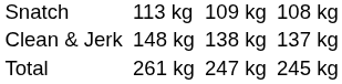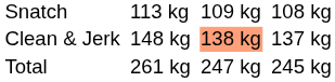 <table>
 <tr>
 <td>Snatch</td>
 <td></td>
 <td>113 kg</td>
 <td></td>
 <td>109 kg</td>
 <td></td>
 <td>108 kg</td>
 </tr>
 <tr>
 <td>Clean & Jerk</td>
 <td></td>
 <td>148 kg</td>
 <td></td>
-<td>138 kg</td>
+<td style="background: lightsalmon;">138 kg</td>
 <td></td>
 <td>137 kg</td>
 </tr>
 <tr>
 <td>Total</td>
 <td></td>
 <td>261 kg</td>
 <td></td>
 <td>247 kg</td>
 <td></td>
 <td>245 kg</td>
 </tr>
 </table>
